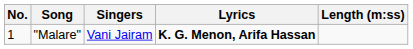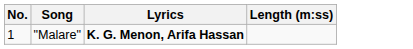 <table class="wikitable" style="font-size:95%;">
 <tr>
 <th>No.</th>
 <th>Song</th>
-<th>Singers</th>
 <th>Lyrics</th>
 <th>Length (m:ss)</th>
 </tr>
 <tr>
 <td>1</td>
 <td>"Malare"</td>
-<td><a href='#'>Vani Jairam</a></td>
 <td><strong>K. G. Menon, Arifa Hassan</strong></td>
 <td></td>
 </tr>
 </table>
